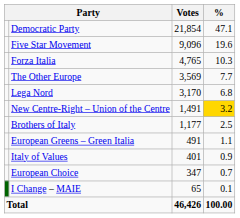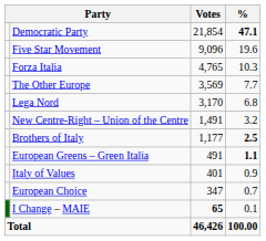 <table class="wikitable" style="font-size:95%">
 <tr>
 <th colspan=2>Party</th>
 <th>Votes</th>
 <th>%</th>
 </tr>
 <tr>
 <td></td>
 <td><a href='#'>Democratic Party</a></td>
 <td align=right>21,854</td>
-<td align=right>47.1</td>
+<td align=right><strong>47.1</strong></td>
 </tr>
 <tr>
 <td></td>
 <td><a href='#'>Five Star Movement</a></td>
 <td align=right>9,096</td>
 <td align=right>19.6</td>
 </tr>
 <tr>
 <td></td>
 <td><a href='#'>Forza Italia</a></td>
 <td align=right>4,765</td>
 <td align=right>10.3</td>
 </tr>
 <tr>
 <td></td>
 <td><a href='#'>The Other Europe</a></td>
 <td align=right>3,569</td>
 <td align=right>7.7</td>
 </tr>
 <tr>
 <td></td>
 <td><a href='#'>Lega Nord</a></td>
 <td align=right>3,170</td>
 <td align=right>6.8</td>
 </tr>
 <tr>
 <td></td>
 <td><a href='#'>New Centre-Right – Union of the Centre</a></td>
 <td align=right>1,491</td>
-<td align=right style="background: gold;">3.2</td>
+<td align=right>3.2</td>
 </tr>
 <tr>
 <td></td>
 <td><a href='#'>Brothers of Italy</a></td>
 <td align=right>1,177</td>
-<td align=right>2.5</td>
+<td align=right><strong>2.5</strong></td>
 </tr>
 <tr>
 <td></td>
 <td><a href='#'>European Greens – Green Italia</a></td>
 <td align=right>491</td>
-<td align=right>1.1</td>
+<td align=right><strong>1.1</strong></td>
 </tr>
 <tr>
 <td></td>
 <td><a href='#'>Italy of Values</a></td>
 <td align=right>401</td>
 <td align=right>0.9</td>
 </tr>
 <tr>
 <td></td>
 <td><a href='#'>European Choice</a></td>
 <td align=right>347</td>
 <td align=right>0.7</td>
 </tr>
 <tr>
 <td bgcolor="darkgreen"></td>
 <td><a href='#'>I Change</a> – <a href='#'>MAIE</a></td>
-<td align=right>65</td>
+<td align=right><strong>65</strong></td>
 <td align=right>0.1</td>
 </tr>
 <tr>
 <td colspan=2><strong>Total</strong></td>
 <td align=right><strong>46,426</strong></td>
 <td align=right><strong>100.00</strong></td>
 </tr>
 </table>
